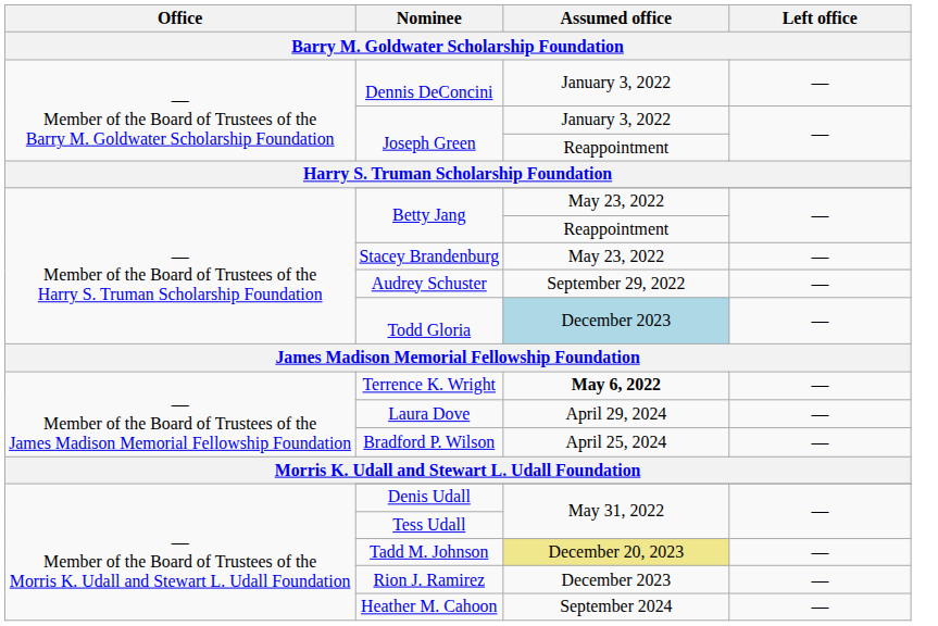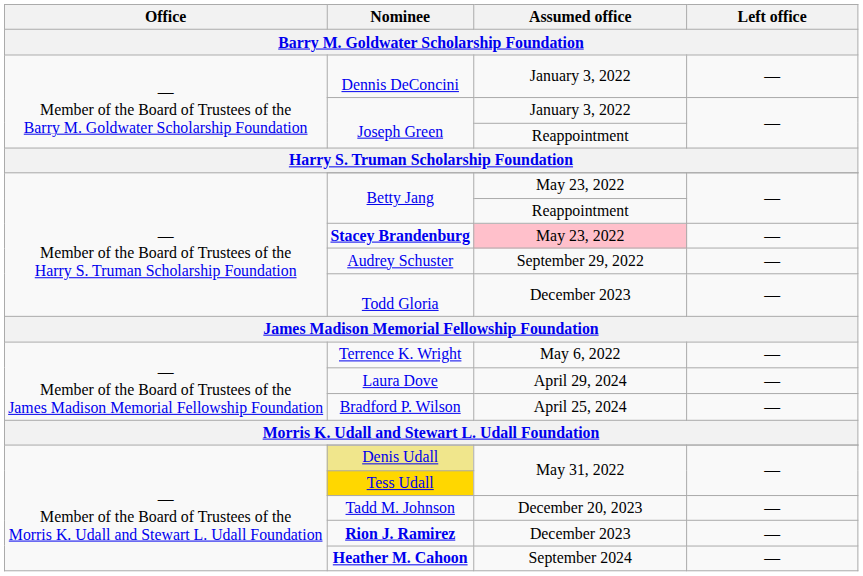 <table class="wikitable sortable" style="text-align:center">
 <tr>
 <th>Office</th>
 <th>Nominee</th>
 <th style="width:25%;" data-sort-type="date">Assumed office</th>
 <th style="width:20%;" data-sort-type="date">Left office</th>
 </tr>
 <tr>
 <th colspan=4><a href='#'>Barry M. Goldwater Scholarship Foundation</a></th>
 </tr>
 <tr>
 <td rowspan=3><br>—<br>Member of the Board of Trustees of the<br><a href='#'>Barry M. Goldwater Scholarship Foundation</a></td>
 <td><br><a href='#'>Dennis DeConcini</a></td>
 <td>January 3, 2022<br></td>
 <td>—</td>
 </tr>
 <tr>
 <td rowspan=2><br><a href='#'>Joseph Green</a></td>
 <td>January 3, 2022<br></td>
 <td rowspan=2>—</td>
 </tr>
 <tr>
 <td>Reappointment<br></td>
 </tr>
 <tr>
 <th colspan=4><a href='#'>Harry S. Truman Scholarship Foundation</a></th>
 </tr>
 <tr>
 <td rowspan=6><br>—<br>Member of the Board of Trustees of the<br><a href='#'>Harry S. Truman Scholarship Foundation</a></td>
 </tr>
 <tr>
 <td rowspan=2><a href='#'>Betty Jang</a></td>
 <td>May 23, 2022<br></td>
 <td rowspan=2>—</td>
 </tr>
 <tr>
 <td>Reappointment<br></td>
 </tr>
 <tr>
-<td><a href='#'>Stacey Brandenburg</a></td>
-<td>May 23, 2022<br></td>
+<td><strong><a href='#'>Stacey Brandenburg</a></strong></td>
+<td style="background: pink;">May 23, 2022<br></td>
 <td>—</td>
 </tr>
 <tr>
 <td><a href='#'>Audrey Schuster</a></td>
 <td>September 29, 2022<br></td>
 <td>—</td>
 </tr>
 <tr>
 <td><br><a href='#'>Todd Gloria</a></td>
-<td style="background: lightblue;">December 2023<br></td>
+<td>December 2023<br></td>
 <td>—</td>
 </tr>
 <tr>
 <th colspan=4><a href='#'>James Madison Memorial Fellowship Foundation</a></th>
 </tr>
 <tr>
 <td rowspan=3><br>—<br>Member of the Board of Trustees of the<br><a href='#'>James Madison Memorial Fellowship Foundation</a></td>
 <td><a href='#'>Terrence K. Wright</a></td>
-<td><strong>May 6, 2022<br></strong></td>
+<td>May 6, 2022<br></td>
 <td>—</td>
 </tr>
 <tr>
 <td><a href='#'>Laura Dove</a></td>
 <td>April 29, 2024<br></td>
 <td>—</td>
 </tr>
 <tr>
 <td><a href='#'>Bradford P. Wilson</a></td>
 <td>April 25, 2024<br></td>
 <td>—</td>
 </tr>
 <tr>
 <th colspan=4><a href='#'>Morris K. Udall and Stewart L. Udall Foundation</a></th>
 </tr>
 <tr>
 <td rowspan=6><br>—<br>Member of the Board of Trustees of the<br><a href='#'>Morris K. Udall and Stewart L. Udall Foundation</a></td>
 </tr>
 <tr>
-<td><a href='#'>Denis Udall</a></td>
+<td style="background: khaki;"><a href='#'>Denis Udall</a></td>
 <td rowspan=2>May 31, 2022<br></td>
 <td rowspan=2>—</td>
 </tr>
 <tr>
-<td><a href='#'>Tess Udall</a></td>
+<td style="background: gold;"><a href='#'>Tess Udall</a></td>
 </tr>
 <tr>
 <td><a href='#'>Tadd M. Johnson</a><br></td>
-<td style="background: khaki;">December 20, 2023<br></td>
+<td>December 20, 2023<br></td>
 <td>—</td>
 </tr>
 <tr>
-<td><a href='#'>Rion J. Ramirez</a></td>
+<td><strong><a href='#'>Rion J. Ramirez</a></strong></td>
 <td>December 2023<br></td>
 <td>—</td>
 </tr>
 <tr>
-<td><a href='#'>Heather M. Cahoon</a></td>
+<td><strong><a href='#'>Heather M. Cahoon</a></strong></td>
 <td>September 2024<br></td>
 <td>—</td>
 </tr>
 </table>
